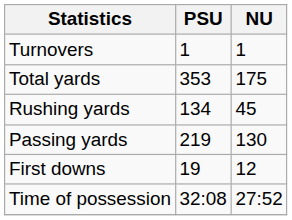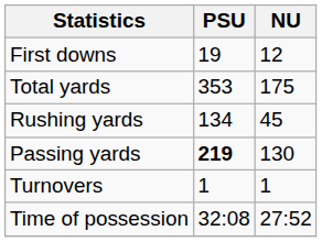 <table class="wikitable">
 <tr>
 <th>Statistics</th>
 <th>PSU</th>
 <th>NU</th>
 </tr>
 <tr>
-<td>Turnovers</td>
-<td>1</td>
-<td>1</td>
+<td>First downs</td>
+<td>19</td>
+<td>12</td>
 </tr>
 <tr>
 <td>Total yards</td>
 <td>353</td>
 <td>175</td>
 </tr>
 <tr>
 <td>Rushing yards</td>
 <td>134</td>
 <td>45</td>
 </tr>
 <tr>
 <td>Passing yards</td>
-<td>219</td>
+<td><strong>219</strong></td>
 <td>130</td>
 </tr>
 <tr>
-<td>First downs</td>
-<td>19</td>
-<td>12</td>
+<td>Turnovers</td>
+<td>1</td>
+<td>1</td>
 </tr>
 <tr>
 <td>Time of possession</td>
 <td>32:08</td>
 <td>27:52</td>
 </tr>
 <tr>
 </tr>
 </table>
